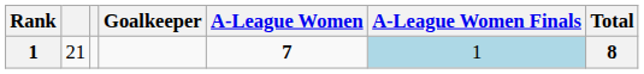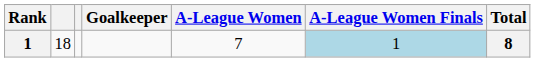 <table class="wikitable" style="text-align:center">
 <tr>
 <th>Rank</th>
 <th></th>
 <th></th>
 <th>Goalkeeper</th>
 <th><a href='#'>A-League Women</a></th>
 <th><a href='#'>A-League Women Finals</a></th>
 <th>Total</th>
 </tr>
 <tr>
 <th>1</th>
-<td>21</td>
+<td>18</td>
 <td></td>
 <td align="left"></td>
-<td><strong>7</strong></td>
+<td>7</td>
 <td style="background: lightblue;">1</td>
 <th>8</th>
 </tr>
 </table>
